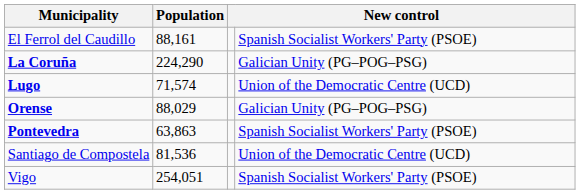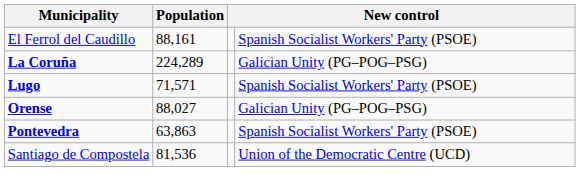 <table class="wikitable sortable">
 <tr>
 <th>Municipality</th>
 <th>Population</th>
 <th colspan="2" style="width:375px;">New control</th>
 </tr>
 <tr>
 <td><a href='#'>El Ferrol del Caudillo</a></td>
 <td>88,161</td>
 <td width="1" style="color:inherit;background:"></td>
 <td><a href='#'>Spanish Socialist Workers' Party</a> (PSOE)</td>
 </tr>
 <tr>
 <td><strong><a href='#'>La Coruña</a></strong></td>
-<td>224,290</td>
+<td>224,289</td>
 <td style="color:inherit;background:"></td>
 <td><a href='#'>Galician Unity</a> (PG–POG–PSG) </td>
 </tr>
 <tr>
 <td><strong><a href='#'>Lugo</a></strong></td>
-<td>71,574</td>
+<td>71,571</td>
 <td style="color:inherit;background:"></td>
-<td><a href='#'>Union of the Democratic Centre</a> (UCD)</td>
+<td><a href='#'>Spanish Socialist Workers' Party</a> (PSOE)</td>
 </tr>
 <tr>
 <td><strong><a href='#'>Orense</a></strong></td>
-<td>88,029</td>
+<td>88,027</td>
 <td style="color:inherit;background:"></td>
 <td><a href='#'>Galician Unity</a> (PG–POG–PSG) </td>
 </tr>
 <tr>
 <td><strong><a href='#'>Pontevedra</a></strong></td>
 <td>63,863</td>
 <td style="color:inherit;background:"></td>
 <td><a href='#'>Spanish Socialist Workers' Party</a> (PSOE)</td>
 </tr>
 <tr>
 <td><a href='#'>Santiago de Compostela</a></td>
 <td>81,536</td>
 <td style="color:inherit;background:"></td>
 <td><a href='#'>Union of the Democratic Centre</a> (UCD) </td>
 </tr>
-<tr>
-<td><a href='#'>Vigo</a></td>
-<td>254,051</td>
-<td style="color:inherit;background:"></td>
-<td><a href='#'>Spanish Socialist Workers' Party</a> (PSOE)</td>
-</tr>
 </table>
